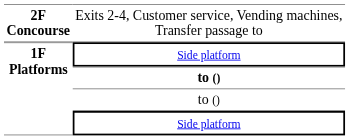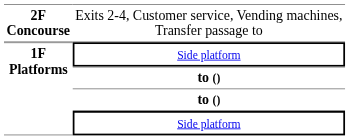 <table table border=0 cellspacing=0 cellpadding=3>
 <tr>
 <td style="border-bottom:solid 1px gray; border-top:solid 1px gray;text-align:center" valign=top><strong>2F<br>Concourse</strong></td>
 <td style="border-bottom:solid 1px gray; border-top:solid 1px gray;text-align:center">Exits 2-4, Customer service, Vending machines,<br>Transfer passage to </td>
 </tr>
 <tr>
 <td style="border-bottom:solid 1px gray; border-top:solid 1px gray;text-align:center" rowspan="4" valign=top><strong>1F<br>Platforms</strong></td>
 <td style="border-right:solid 2px black;border-left:solid 2px black;border-top:solid 2px black;border-bottom:solid 2px black;text-align:center;" colspan=2><small><a href='#'>Side platform</a></small></td>
 </tr>
 <tr>
 <td style="border-bottom:solid 1px gray; border-top:solid 1px gray;text-align:center;"><strong>  to  <small>()</small></strong></td>
 </tr>
 <tr>
-<td style="border-bottom:solid 1px gray;text-align:center;"> to  <small>() </small></td>
+<td style="border-bottom:solid 1px gray;text-align:center;"><strong> to  <small>() </small></strong></td>
 </tr>
 <tr>
 <td style="border-right:solid 2px black;border-left:solid 2px black;border-top:solid 2px black;border-bottom:solid 2px black;text-align:center;" colspan=2><small><a href='#'>Side platform</a></small></td>
 </tr>
 </table>
